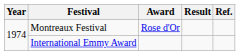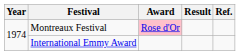 <table class = "wikitable">
 <tr>
 <th>Year</th>
 <th>Festival</th>
 <th>Award</th>
 <th>Result</th>
 <th>Ref.</th>
 </tr>
 <tr>
 <td rowspan= 2>1974</td>
 <td>Montreaux Festival</td>
-<td><a href='#'>Rose d'Or</a></td>
+<td style="background: pink;"><a href='#'>Rose d'Or</a></td>
 <td></td>
 <td></td>
 </tr>
 <tr>
 <td><a href='#'>International Emmy Award</a></td>
 <td></td>
 <td></td>
 <td></td>
 </tr>
 </table>
